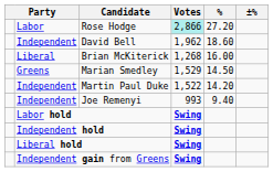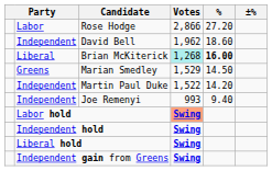 <table class="wikitable" style="text-align:right; margin-bottom:0">
 <tr>
 <th style="width:10px" colspan=3>Party</th>
 <th style="width:300x;">Candidate</th>
 <th style="width:300x;">Votes</th>
 <th style="width:40px;">%</th>
 <th style="width:40px;">±%</th>
 </tr>
 <tr>
 <td> </td>
 <td style="text-align:left;" colspan="2"><a href='#'>Labor</a></td>
 <td style="text-align:left;" colspan="1">Rose Hodge</td>
-<td style="background: paleturquoise;">2,866</td>
+<td>2,866</td>
 <td style="width:40px;">27.20</td>
 <td style="width:40px;"></td>
 </tr>
 <tr>
 <td> </td>
 <td style="text-align:left;" colspan="2"><a href='#'>Independent</a></td>
 <td style="text-align:left;" colspan="1">David Bell</td>
 <td style="width:40px;">1,962</td>
 <td style="width:40px;">18.60</td>
 <td></td>
 </tr>
 <tr>
 <td> </td>
 <td style="text-align:left;" colspan="2"><a href='#'>Liberal</a></td>
 <td style="text-align:left;" colspan="1">Brian McKiterick</td>
-<td style="width:40px;">1,268</td>
-<td style="width:40px;">16.00</td>
+<td style="background: paleturquoise; width:40px;">1,268</td>
+<td style="width:40px;"><strong>16.00</strong></td>
 <td></td>
 </tr>
 <tr>
 <td> </td>
 <td style="text-align:left;" colspan="2"><a href='#'>Greens</a></td>
 <td style="text-align:left;" colspan="1">Marian Smedley</td>
 <td>1,529</td>
 <td>14.50</td>
 <td></td>
 </tr>
 <tr>
 <td> </td>
 <td style="text-align:left;" colspan="2"><a href='#'>Independent</a></td>
 <td style="text-align:left;" colspan="1">Martin Paul Duke</td>
 <td>1,522</td>
 <td>14.20</td>
 <td></td>
 </tr>
 <tr>
 <td> </td>
 <td style="text-align:left;" colspan="2"><a href='#'>Independent</a></td>
 <td style="text-align:left;" colspan="1">Joe Remenyi</td>
 <td>993</td>
 <td>9.40</td>
 <td></td>
 </tr>
 <tr>
 <td> </td>
 <td style="text-align:left;" colspan="3"><a href='#'>Labor</a> <strong>hold</strong></td>
-<td style="width:40px;"><a href='#'><strong>Swing</strong></a></td>
+<td style="background: lightsalmon; width:40px;"><a href='#'><strong>Swing</strong></a></td>
 <td style="width:40px;"></td>
 <td></td>
 </tr>
 <tr>
 <td> </td>
 <td style="text-align:left;" colspan="3"><a href='#'>Independent</a> <strong>hold</strong></td>
 <td style="width:40px;"><a href='#'><strong>Swing</strong></a></td>
 <td style="width:40px;"></td>
 <td></td>
 </tr>
 <tr>
 <td> </td>
 <td style="text-align:left;" colspan="3"><a href='#'>Liberal</a> <strong>hold</strong></td>
 <td style="width:40px;"><a href='#'><strong>Swing</strong></a></td>
 <td style="width:40px;"></td>
 <td></td>
 </tr>
 <tr>
 <td> </td>
 <td style="text-align:left;" colspan="3"><a href='#'>Independent</a> <strong>gain</strong> from <a href='#'>Greens</a></td>
 <td style="width:40px;"><a href='#'><strong>Swing</strong></a></td>
 <td style="width:40px;"></td>
 <td></td>
 </tr>
 </table>
